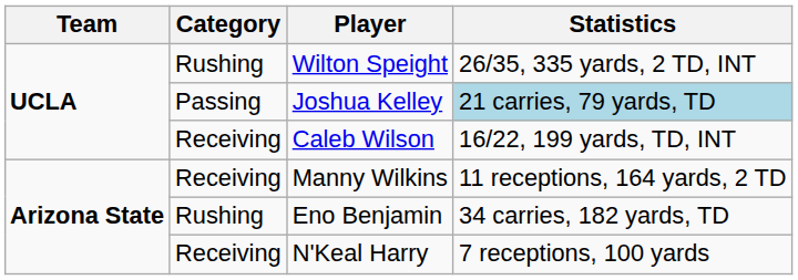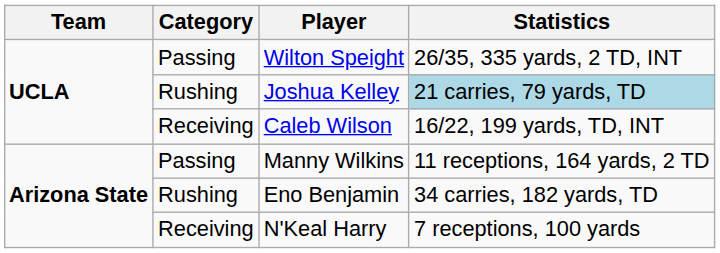 <table class="wikitable" style="float: right;">
 <tr>
 <th>Team</th>
 <th>Category</th>
 <th>Player</th>
 <th>Statistics</th>
 </tr>
 <tr>
 <td rowspan=3><strong>UCLA</strong></td>
-<td>Rushing</td>
+<td>Passing</td>
 <td><a href='#'>Wilton Speight</a></td>
 <td>26/35, 335 yards, 2 TD, INT</td>
 </tr>
 <tr>
-<td>Passing</td>
+<td>Rushing</td>
 <td><a href='#'>Joshua Kelley</a></td>
 <td style="background: lightblue;">21 carries, 79 yards, TD</td>
 </tr>
 <tr>
 <td>Receiving</td>
 <td><a href='#'>Caleb Wilson</a></td>
 <td>16/22, 199 yards, TD, INT</td>
 </tr>
 <tr>
 <td rowspan=3><strong>Arizona State</strong></td>
-<td>Receiving</td>
+<td>Passing</td>
 <td>Manny Wilkins</td>
 <td>11 receptions, 164 yards, 2 TD</td>
 </tr>
 <tr>
 <td>Rushing</td>
 <td>Eno Benjamin</td>
 <td>34 carries, 182 yards, TD</td>
 </tr>
 <tr>
 <td>Receiving</td>
 <td>N'Keal Harry</td>
 <td>7 receptions, 100 yards</td>
 </tr>
 </table>
